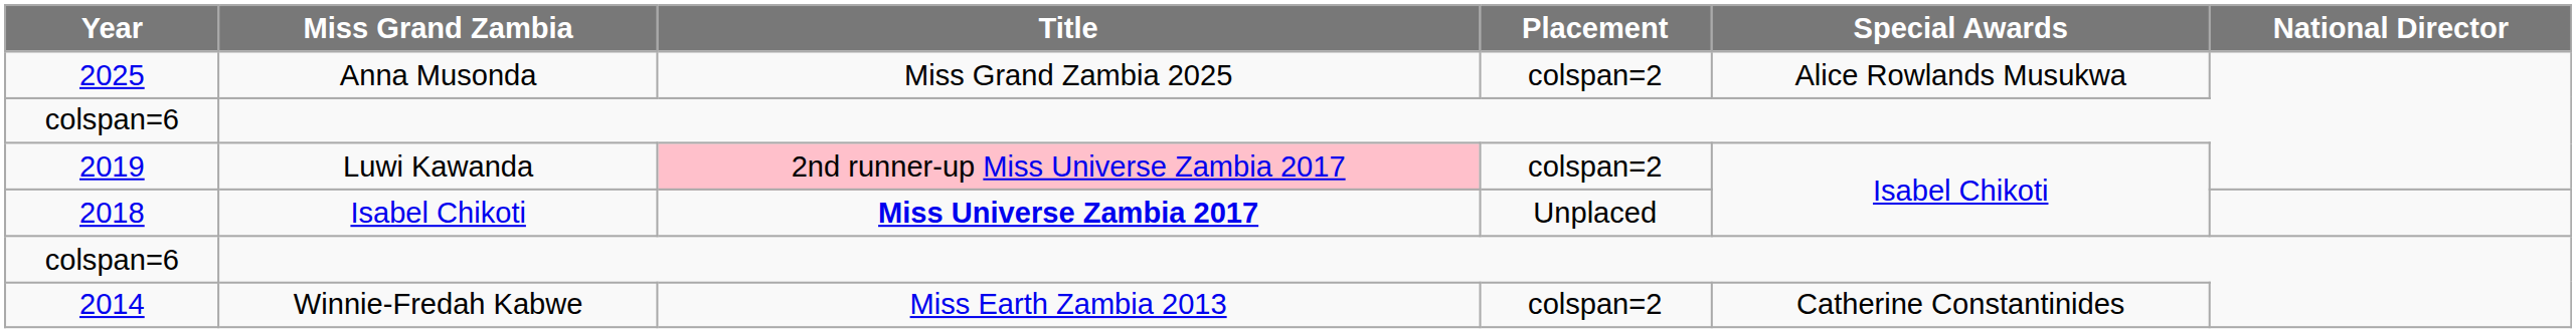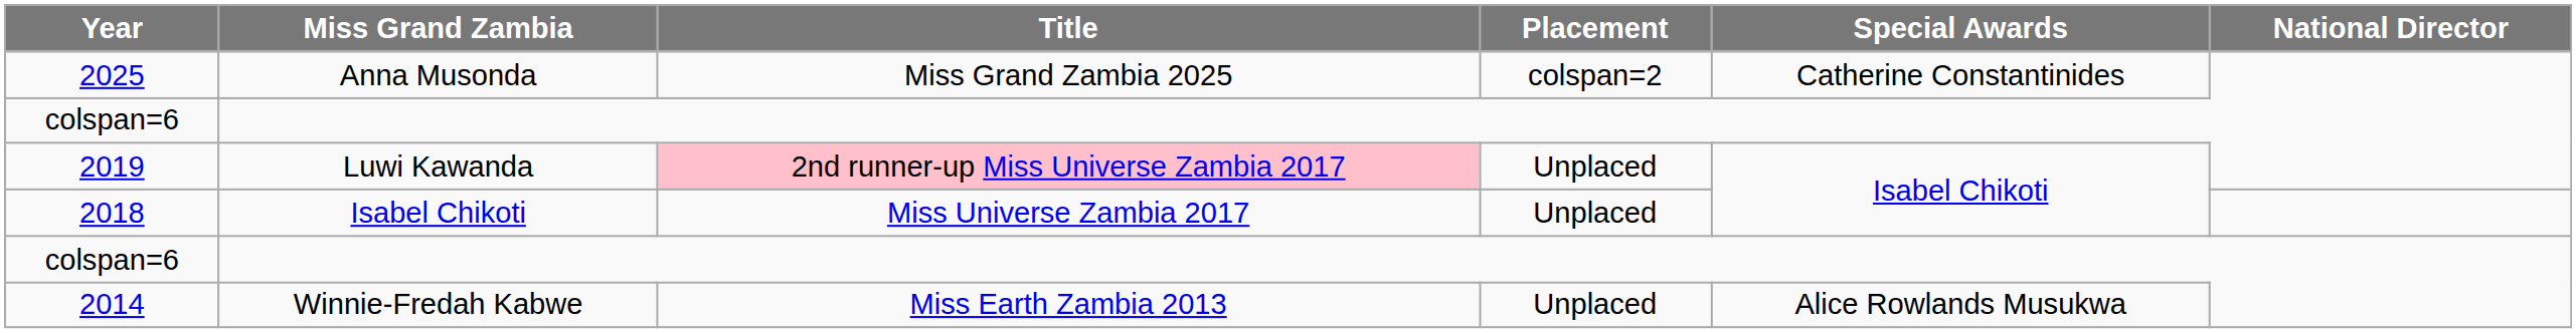 <table class="wikitable" style="font-size: 90%; text-align:center; width:100%">
 <tr>
 <th style="background-color:#787878;color:#FFFFFF;">Year</th>
 <th style="background-color:#787878;color:#FFFFFF;">Miss Grand Zambia</th>
 <th style="background-color:#787878;color:#FFFFFF;">Title</th>
 <th style="background-color:#787878;color:#FFFFFF;">Placement</th>
 <th style="background-color:#787878;color:#FFFFFF;">Special Awards</th>
 <th style="background-color:#787878;color:#FFFFFF;">National Director</th>
 </tr>
 <tr>
 <td><a href='#'>2025</a></td>
 <td>Anna Musonda</td>
 <td>Miss Grand Zambia 2025</td>
 <td>colspan=2 </td>
-<td>Alice Rowlands Musukwa</td>
+<td>Catherine Constantinides</td>
 </tr>
 <tr>
 <td>colspan=6</td>
 </tr>
 <tr>
 <td><a href='#'>2019</a></td>
 <td>Luwi Kawanda</td>
 <td style="background: pink;">2nd runner-up <a href='#'>Miss Universe Zambia 2017</a></td>
-<td>colspan=2 </td>
+<td>Unplaced</td>
 <td rowspan=2><a href='#'>Isabel Chikoti</a></td>
 </tr>
 <tr>
 <td><a href='#'>2018</a></td>
 <td><a href='#'>Isabel Chikoti</a></td>
-<td><strong><a href='#'>Miss Universe Zambia 2017</a></strong></td>
+<td><a href='#'>Miss Universe Zambia 2017</a></td>
 <td>Unplaced</td>
 <td></td>
 </tr>
 <tr>
 <td>colspan=6</td>
 </tr>
 <tr>
 <td><a href='#'>2014</a></td>
 <td>Winnie-Fredah Kabwe</td>
 <td><a href='#'>Miss Earth Zambia 2013</a></td>
-<td>colspan=2 </td>
-<td>Catherine Constantinides</td>
+<td>Unplaced</td>
+<td>Alice Rowlands Musukwa</td>
 </tr>
 </table>
